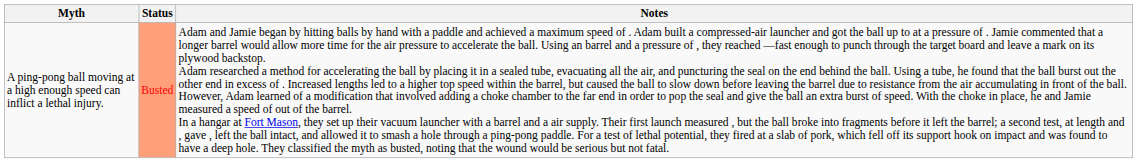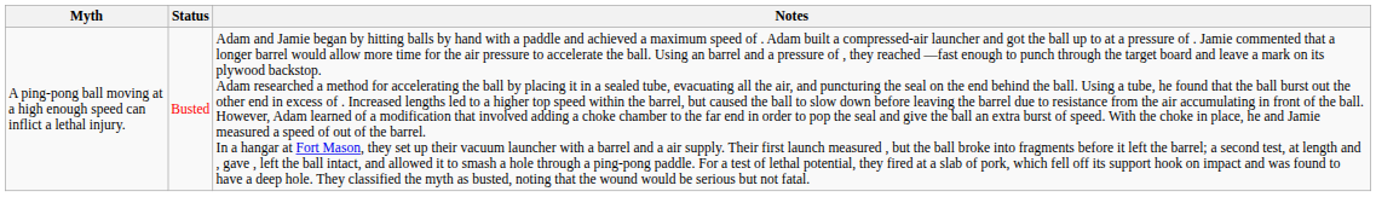 <table class="wikitable plainrowheaders">
 <tr>
 <th scope"col">Myth</th>
 <th scope"col">Status</th>
 <th scope"col">Notes</th>
 </tr>
 <tr>
 <td scope"row">A ping-pong ball moving at a high enough speed can inflict a lethal injury.</td>
-<td style="background: lightsalmon; color:red">Busted</td>
+<td style="color:red">Busted</td>
 <td>Adam and Jamie began by hitting balls by hand with a paddle and achieved a maximum speed of . Adam built a compressed-air launcher and got the ball up to  at a pressure of . Jamie commented that a longer barrel would allow more time for the air pressure to accelerate the ball. Using an  barrel and a pressure of , they reached —fast enough to punch through the target board and leave a mark on its plywood backstop.<br>Adam researched a method for accelerating the ball by placing it in a sealed tube, evacuating all the air, and puncturing the seal on the end behind the ball. Using a  tube, he found that the ball burst out the other end in excess of . Increased lengths led to a higher top speed within the barrel, but caused the ball to slow down before leaving the barrel due to resistance from the air accumulating in front of the ball. However, Adam learned of a modification that involved adding a choke chamber to the far end in order to pop the seal and give the ball an extra burst of speed. With the choke in place, he and Jamie measured a speed of  out of the barrel.<br>In a hangar at <a href='#'>Fort Mason</a>, they set up their vacuum launcher with a  barrel and a  air supply. Their first launch measured , but the ball broke into fragments before it left the barrel; a second test, at  length and , gave , left the ball intact, and allowed it to smash a hole through a ping-pong paddle. For a test of lethal potential, they fired at a slab of pork, which fell off its support hook on impact and was found to have a  deep hole. They classified the myth as busted, noting that the wound would be serious but not fatal.</td>
 </tr>
 </table>
